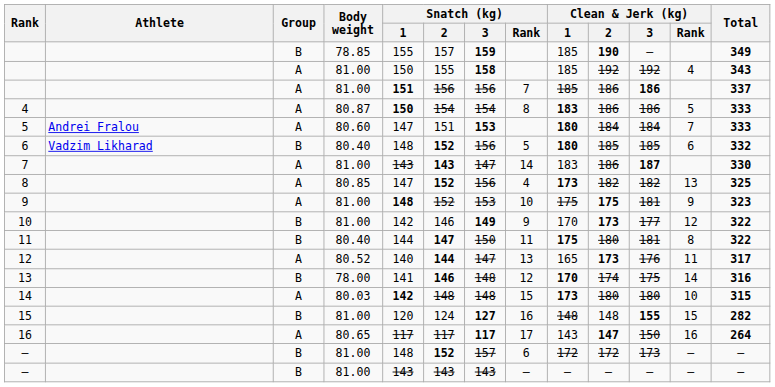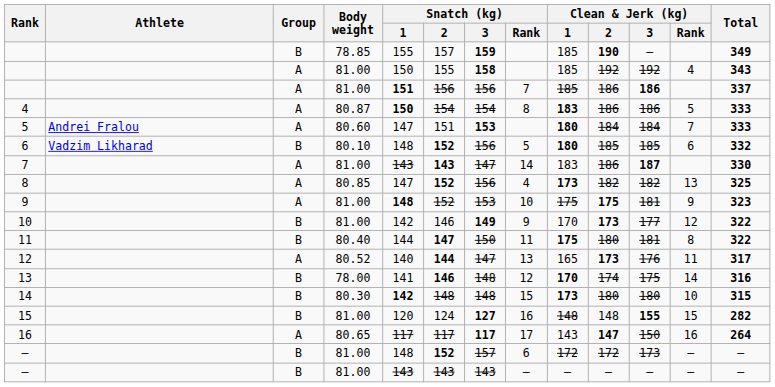 <table class = "wikitable" style="text-align:center;">
 <tr>
 <th rowspan=2 width=40>Rank</th>
 <th rowspan=2 width=250>Athlete</th>
 <th rowspan=2 width=50>Group</th>
 <th rowspan=2 width=60>Body weight</th>
 <th colspan=4>Snatch (kg)</th>
 <th colspan=4>Clean & Jerk (kg)</th>
 <th rowspan=2 width=60>Total</th>
 </tr>
 <tr>
 <th width=40>1</th>
 <th width=40>2</th>
 <th width=40>3</th>
 <th width=40>Rank</th>
 <th width=40>1</th>
 <th width=40>2</th>
 <th width=40>3</th>
 <th width=40>Rank</th>
 </tr>
 <tr>
 <td></td>
 <td align=left></td>
 <td>B</td>
 <td>78.85</td>
 <td>155</td>
 <td>157</td>
 <td><strong>159</strong></td>
 <td></td>
 <td>185</td>
 <td><strong>190</strong></td>
 <td>—</td>
 <td></td>
 <td><strong>349</strong></td>
 </tr>
 <tr>
 <td></td>
 <td align=left></td>
 <td>A</td>
 <td>81.00</td>
 <td>150</td>
 <td>155</td>
 <td><strong>158</strong></td>
 <td></td>
 <td>185</td>
 <td><s>192</s></td>
 <td><s>192</s></td>
 <td>4</td>
 <td><strong>343</strong></td>
 </tr>
 <tr>
 <td></td>
 <td align=left></td>
 <td>A</td>
 <td>81.00</td>
 <td><strong>151</strong></td>
 <td><s>156</s></td>
 <td><s>156</s></td>
 <td>7</td>
 <td><s>185</s></td>
 <td><s>186</s></td>
 <td><strong>186</strong></td>
 <td></td>
 <td><strong>337</strong></td>
 </tr>
 <tr>
 <td>4</td>
 <td align=left></td>
 <td>A</td>
 <td>80.87</td>
 <td><strong>150</strong></td>
 <td><s>154</s></td>
 <td><s>154</s></td>
 <td>8</td>
 <td><strong>183</strong></td>
 <td><s>186</s></td>
 <td><s>186</s></td>
 <td>5</td>
 <td><strong>333</strong></td>
 </tr>
 <tr>
 <td>5</td>
 <td align=left> <a href='#'>Andrei Fralou</a> </td>
 <td>A</td>
 <td>80.60</td>
 <td>147</td>
 <td>151</td>
 <td><strong>153</strong></td>
 <td></td>
 <td><strong>180</strong></td>
 <td><s>184</s></td>
 <td><s>184</s></td>
 <td>7</td>
 <td><strong>333</strong></td>
 </tr>
 <tr>
 <td>6</td>
 <td align=left> <a href='#'>Vadzim Likharad</a> </td>
 <td>B</td>
-<td>80.40</td>
+<td>80.10</td>
 <td>148</td>
 <td><strong>152</strong></td>
 <td><s>156</s></td>
 <td>5</td>
 <td><strong>180</strong></td>
 <td><s>185</s></td>
 <td><s>185</s></td>
 <td>6</td>
 <td><strong>332</strong></td>
 </tr>
 <tr>
 <td>7</td>
 <td align=left></td>
 <td>A</td>
 <td>81.00</td>
 <td><s>143</s></td>
 <td><strong>143</strong></td>
 <td><s>147</s></td>
 <td>14</td>
 <td>183</td>
 <td><s>186</s></td>
 <td><strong>187</strong></td>
 <td></td>
 <td><strong>330</strong></td>
 </tr>
 <tr>
 <td>8</td>
 <td align=left></td>
 <td>A</td>
 <td>80.85</td>
 <td>147</td>
 <td><strong>152</strong></td>
 <td><s>156</s></td>
 <td>4</td>
 <td><strong>173</strong></td>
 <td><s>182</s></td>
 <td><s>182</s></td>
 <td>13</td>
 <td><strong>325</strong></td>
 </tr>
 <tr>
 <td>9</td>
 <td align=left></td>
 <td>A</td>
 <td>81.00</td>
 <td><strong>148</strong></td>
 <td><s>152</s></td>
 <td><s>153</s></td>
 <td>10</td>
 <td><s>175</s></td>
 <td><strong>175</strong></td>
 <td><s>181</s></td>
 <td>9</td>
 <td><strong>323</strong></td>
 </tr>
 <tr>
 <td>10</td>
 <td align=left></td>
 <td>B</td>
 <td>81.00</td>
 <td>142</td>
 <td>146</td>
 <td><strong>149</strong></td>
 <td>9</td>
 <td>170</td>
 <td><strong>173</strong></td>
 <td><s>177</s></td>
 <td>12</td>
 <td><strong>322</strong></td>
 </tr>
 <tr>
 <td>11</td>
 <td align=left></td>
 <td>B</td>
 <td>80.40</td>
 <td>144</td>
 <td><strong>147</strong></td>
 <td><s>150</s></td>
 <td>11</td>
 <td><strong>175</strong></td>
 <td><s>180</s></td>
 <td><s>181</s></td>
 <td>8</td>
 <td><strong>322</strong></td>
 </tr>
 <tr>
 <td>12</td>
 <td align=left></td>
 <td>A</td>
 <td>80.52</td>
 <td>140</td>
 <td><strong>144</strong></td>
 <td><s>147</s></td>
 <td>13</td>
 <td>165</td>
 <td><strong>173</strong></td>
 <td><s>176</s></td>
 <td>11</td>
 <td><strong>317</strong></td>
 </tr>
 <tr>
 <td>13</td>
 <td align=left></td>
 <td>B</td>
 <td>78.00</td>
 <td>141</td>
 <td><strong>146</strong></td>
 <td><s>148</s></td>
 <td>12</td>
 <td><strong>170</strong></td>
 <td><s>174</s></td>
 <td><s>175</s></td>
 <td>14</td>
 <td><strong>316</strong></td>
 </tr>
 <tr>
 <td>14</td>
 <td align=left></td>
-<td>A</td>
-<td>80.03</td>
+<td>B</td>
+<td>80.30</td>
 <td><strong>142</strong></td>
 <td><s>148</s></td>
 <td><s>148</s></td>
 <td>15</td>
 <td><strong>173</strong></td>
 <td><s>180</s></td>
 <td><s>180</s></td>
 <td>10</td>
 <td><strong>315</strong></td>
 </tr>
 <tr>
 <td>15</td>
 <td align=left></td>
 <td>B</td>
 <td>81.00</td>
 <td>120</td>
 <td>124</td>
 <td><strong>127</strong></td>
 <td>16</td>
 <td><s>148</s></td>
 <td>148</td>
 <td><strong>155</strong></td>
 <td>15</td>
 <td><strong>282</strong></td>
 </tr>
 <tr>
 <td>16</td>
 <td align=left></td>
 <td>A</td>
 <td>80.65</td>
 <td><s>117</s></td>
 <td><s>117</s></td>
 <td><strong>117</strong></td>
 <td>17</td>
 <td>143</td>
 <td><strong>147</strong></td>
 <td><s>150</s></td>
 <td>16</td>
 <td><strong>264</strong></td>
 </tr>
 <tr>
 <td>—</td>
 <td align=left></td>
 <td>B</td>
 <td>81.00</td>
 <td>148</td>
 <td><strong>152</strong></td>
 <td><s>157</s></td>
 <td>6</td>
 <td><s>172</s></td>
 <td><s>172</s></td>
 <td><s>173</s></td>
 <td>—</td>
 <td>—</td>
 </tr>
 <tr>
 <td>—</td>
 <td align=left></td>
 <td>B</td>
 <td>81.00</td>
 <td><s>143</s></td>
 <td><s>143</s></td>
 <td><s>143</s></td>
 <td>—</td>
 <td>—</td>
 <td>—</td>
 <td>—</td>
 <td>—</td>
 <td>—</td>
 </tr>
 </table>
